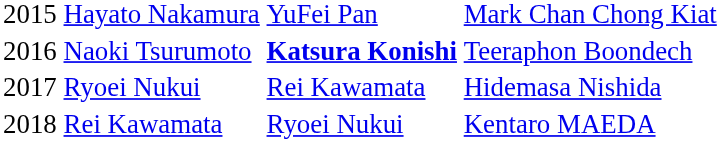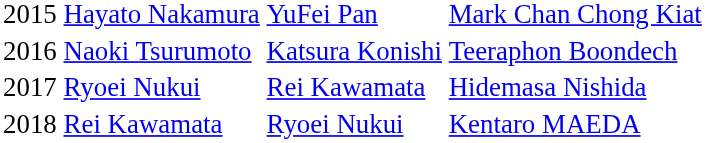 <table>
 <tr>
 <td align="center">2015</td>
 <td> <a href='#'>Hayato Nakamura</a></td>
 <td> <a href='#'>YuFei Pan</a></td>
 <td> <a href='#'>Mark Chan Chong Kiat</a></td>
 </tr>
 <tr>
 <td align="center">2016</td>
 <td> <a href='#'>Naoki Tsurumoto</a></td>
-<td><strong> <a href='#'>Katsura Konishi</a></strong></td>
+<td> <a href='#'>Katsura Konishi</a></td>
 <td> <a href='#'>Teeraphon Boondech</a></td>
 </tr>
 <tr>
 <td align="center">2017</td>
 <td> <a href='#'>Ryoei Nukui</a></td>
 <td> <a href='#'>Rei Kawamata</a></td>
 <td> <a href='#'>Hidemasa Nishida</a></td>
 </tr>
 <tr>
 <td align="center">2018</td>
 <td> <a href='#'>Rei Kawamata</a></td>
 <td> <a href='#'>Ryoei Nukui</a></td>
 <td> <a href='#'>Kentaro MAEDA</a></td>
 </tr>
 </table>
